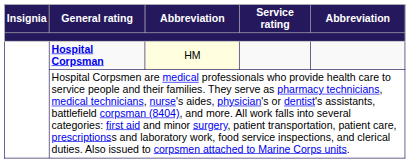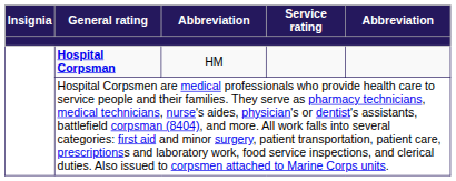 <table class="wikitable" style="border:#25185d;">
 <tr>
 <th style="background:#25185d; color:white;">Insignia</th>
 <th style="background:#25185d; color:white;">General rating</th>
 <th style="background:#25185d; color:white;">Abbreviation</th>
 <th style="background:#25185d; color:white;">Service rating</th>
 <th style="background:#25185d; color:white;">Abbreviation</th>
 </tr>
 <tr>
 <td colspan="5"  style="background:#25185d; height:5px;"></td>
 </tr>
 <tr>
 <td style="border:1px solid #25185d; background:#fff;" rowspan="2"></td>
 <td style="border: 1px solid #25185d;"><strong><a href='#'>Hospital Corpsman</a></strong></td>
-<td style="background: lightyellow; border: 1px solid #25185d; text-align: center">HM</td>
+<td style="border: 1px solid #25185d; text-align: center">HM</td>
 <td style="border: 1px solid #25185d; text-align: center; font-size: x-small"></td>
 <td style="border: 1px solid #25185d; text-align: center; font-size: x-small"></td>
 </tr>
 <tr style="border:1px solid #25185d; background:#fff;"|>
 <td colspan="4" style="border:1px solid #25185d; vertical-align:top;">Hospital Corpsmen are <a href='#'>medical</a> professionals who provide health care to service people and their families. They serve as <a href='#'>pharmacy technicians</a>, <a href='#'>medical technicians</a>, <a href='#'>nurse</a>'s aides, <a href='#'>physician</a>'s or <a href='#'>dentist</a>'s assistants, battlefield <a href='#'>corpsman (8404)</a>, and more. All work falls into several categories: <a href='#'>first aid</a> and minor <a href='#'>surgery</a>, patient transportation, patient care, <a href='#'>prescriptions</a>s and laboratory work, food service inspections, and clerical duties. Also issued to <a href='#'>corpsmen attached to Marine Corps units</a>.</td>
 </tr>
 </table>
